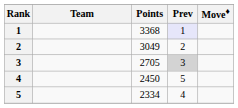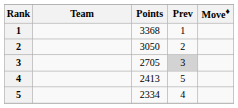 <table class="wikitable sortable">
 <tr>
 </tr>
 <tr>
 <th width=30>Rank</th>
 <th width=150>Team</th>
 <th width=50>Points</th>
 <th width=40>Prev</th>
 <th width=50>Move<sup>♦</sup></th>
 </tr>
 <tr style="text-align:center;">
 <th scope="row">1</th>
 <td style="text-align:left;"></td>
 <td>3368</td>
-<td style="background: lavender;">1</td>
+<td>1</td>
 <td></td>
 </tr>
 <tr style="text-align:center;">
 <th scope="row">2</th>
 <td style="text-align:left;"></td>
-<td>3049</td>
+<td>3050</td>
 <td>2</td>
 <td></td>
 </tr>
 <tr style="text-align:center;">
 <th scope="row">3</th>
 <td style="text-align:left;"></td>
 <td>2705</td>
 <td style="background: lightgrey;">3</td>
 <td></td>
 </tr>
 <tr style="text-align:center;">
 <th scope="row">4</th>
 <td style="text-align:left;"></td>
-<td>2450</td>
+<td>2413</td>
 <td>5</td>
 <td></td>
 </tr>
 <tr style="text-align:center;">
 <th scope="row">5</th>
 <td style="text-align:left;"></td>
 <td>2334</td>
 <td>4</td>
 <td></td>
 </tr>
 <tr style="text-align:center;">
 </tr>
 </table>
